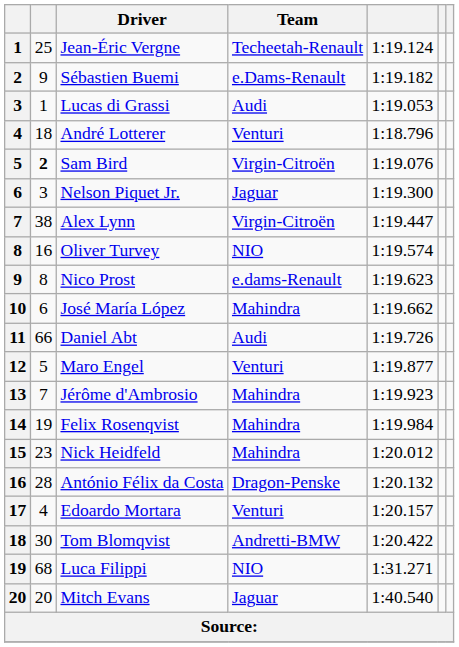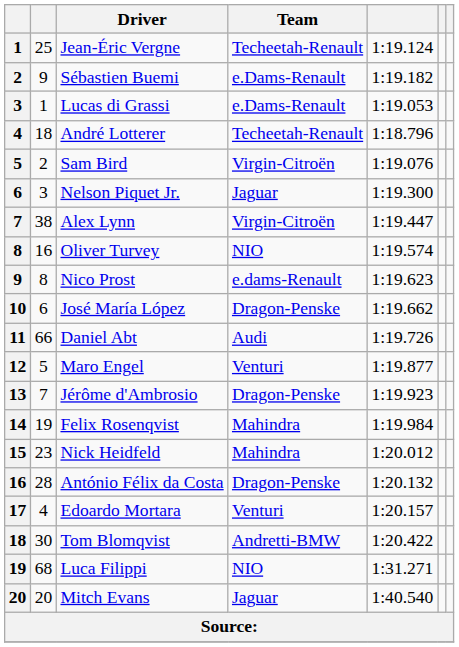 <table class="wikitable sortable" style="font-size: 85%">
 <tr>
 <th scope="col"></th>
 <th scope="col"></th>
 <th scope="col">Driver</th>
 <th scope="col">Team</th>
 <th scope="col"></th>
 <th scope="col"></th>
 <th scope="col"></th>
 </tr>
 <tr>
 <th scope="row">1</th>
 <td align="center">25</td>
 <td data-sort-value="VER"> <a href='#'>Jean-Éric Vergne</a></td>
 <td><a href='#'>Techeetah-Renault</a></td>
 <td>1:19.124</td>
 <td></td>
 <td align="center"></td>
 </tr>
 <tr>
 <th scope="row">2</th>
 <td align="center">9</td>
 <td data-sort-value="BUE"> <a href='#'>Sébastien Buemi</a></td>
 <td><a href='#'>e.Dams-Renault</a></td>
 <td>1:19.182</td>
 <td></td>
 <td align="center"></td>
 </tr>
 <tr>
 <th scope="row">3</th>
 <td align="center">1</td>
 <td data-sort-value="DIG"> <a href='#'>Lucas di Grassi</a></td>
-<td><a href='#'>Audi</a></td>
+<td><a href='#'>e.Dams-Renault</a></td>
 <td>1:19.053</td>
 <td></td>
 <td align="center"></td>
 </tr>
 <tr>
 <th scope="row">4</th>
 <td align="center">18</td>
 <td data-sort-value="LOT"> <a href='#'>André Lotterer</a></td>
-<td><a href='#'>Venturi</a></td>
+<td><a href='#'>Techeetah-Renault</a></td>
 <td>1:18.796</td>
 <td></td>
 <td align="center"></td>
 </tr>
 <tr>
 <th scope="row">5</th>
-<td align="center"><strong>2</strong></td>
+<td align="center">2</td>
 <td data-sort-value="BIR"> <a href='#'>Sam Bird</a></td>
 <td><a href='#'>Virgin-Citroën</a></td>
 <td>1:19.076</td>
 <td></td>
 <td align="center"></td>
 </tr>
 <tr>
 <th scope="row">6</th>
 <td align="center">3</td>
 <td data-sort-value="PIQ"> <a href='#'>Nelson Piquet Jr.</a></td>
 <td><a href='#'>Jaguar</a></td>
 <td>1:19.300</td>
 <td></td>
 <td align="center"></td>
 </tr>
 <tr>
 <th scope="row">7</th>
 <td align="center">38</td>
 <td data-sort-value="LYN"> <a href='#'>Alex Lynn</a></td>
 <td><a href='#'>Virgin-Citroën</a></td>
 <td>1:19.447</td>
 <td></td>
 <td align="center"></td>
 </tr>
 <tr>
 <th scope="row">8</th>
 <td align="center">16</td>
 <td data-sort-value="TUR"> <a href='#'>Oliver Turvey</a></td>
 <td><a href='#'>NIO</a></td>
 <td>1:19.574</td>
 <td></td>
 <td align="center"></td>
 </tr>
 <tr>
 <th scope="row">9</th>
 <td align="center">8</td>
 <td data-sort-value="PRO"> <a href='#'>Nico Prost</a></td>
 <td><a href='#'>e.dams-Renault</a></td>
 <td>1:19.623</td>
 <td></td>
 <td align="center"></td>
 </tr>
 <tr>
 <th scope="row">10</th>
 <td align="center">6</td>
 <td data-sort-value="LOP"> <a href='#'>José María López</a></td>
-<td><a href='#'>Mahindra</a></td>
+<td><a href='#'>Dragon-Penske</a></td>
 <td>1:19.662</td>
 <td></td>
 <td align="center"></td>
 </tr>
 <tr>
 <th scope="row">11</th>
 <td align="center">66</td>
 <td data-sort-value="ABT"> <a href='#'>Daniel Abt</a></td>
 <td><a href='#'>Audi</a></td>
 <td>1:19.726</td>
 <td></td>
 <td align="center"></td>
 </tr>
 <tr>
 <th scope="row">12</th>
 <td align="center">5</td>
 <td data-sort-value="ENG"> <a href='#'>Maro Engel</a></td>
 <td><a href='#'>Venturi</a></td>
 <td>1:19.877</td>
 <td></td>
 <td align="center"></td>
 </tr>
 <tr>
 <th scope="row">13</th>
 <td align="center">7</td>
 <td data-sort-value="DAM"> <a href='#'>Jérôme d'Ambrosio</a></td>
-<td><a href='#'>Mahindra</a></td>
+<td><a href='#'>Dragon-Penske</a></td>
 <td>1:19.923</td>
 <td></td>
 <td align="center"></td>
 </tr>
 <tr>
 <th scope="row">14</th>
 <td align="center">19</td>
 <td data-sort-value="ROS"> <a href='#'>Felix Rosenqvist</a></td>
 <td><a href='#'>Mahindra</a></td>
 <td>1:19.984</td>
 <td></td>
 <td align="center"></td>
 </tr>
 <tr>
 <th scope="row">15</th>
 <td align="center">23</td>
 <td data-sort-value="HEI"> <a href='#'>Nick Heidfeld</a></td>
 <td><a href='#'>Mahindra</a></td>
 <td>1:20.012</td>
 <td></td>
 <td align="center"></td>
 </tr>
 <tr>
 <th scope="row">16</th>
 <td align="center">28</td>
 <td data-sort-value="FDC"> <a href='#'>António Félix da Costa</a></td>
 <td><a href='#'>Dragon-Penske</a></td>
 <td>1:20.132</td>
 <td></td>
 <td align="center"></td>
 </tr>
 <tr>
 <th scope="row">17</th>
 <td align="center">4</td>
 <td data-sort-value="MOR"> <a href='#'>Edoardo Mortara</a></td>
 <td><a href='#'>Venturi</a></td>
 <td>1:20.157</td>
 <td></td>
 <td align="center"></td>
 </tr>
 <tr>
 <th scope="row">18</th>
 <td align="center">30</td>
 <td data-sort-value="BLO"> <a href='#'>Tom Blomqvist</a></td>
 <td><a href='#'>Andretti-BMW</a></td>
 <td>1:20.422</td>
 <td></td>
 <td align="center"></td>
 </tr>
 <tr>
 <th scope="row">19</th>
 <td align="center">68</td>
 <td data-sort-value="FIL"> <a href='#'>Luca Filippi</a></td>
 <td><a href='#'>NIO</a></td>
 <td>1:31.271</td>
 <td></td>
 <td align="center"></td>
 </tr>
 <tr>
 <th scope="row">20</th>
 <td align="center">20</td>
 <td data-sort-value="EVA"> <a href='#'>Mitch Evans</a></td>
 <td><a href='#'>Jaguar</a></td>
 <td>1:40.540</td>
 <td></td>
 <td align="center"></td>
 </tr>
 <tr>
 <th colspan="7">Source:</th>
 </tr>
 <tr>
 </tr>
 </table>
